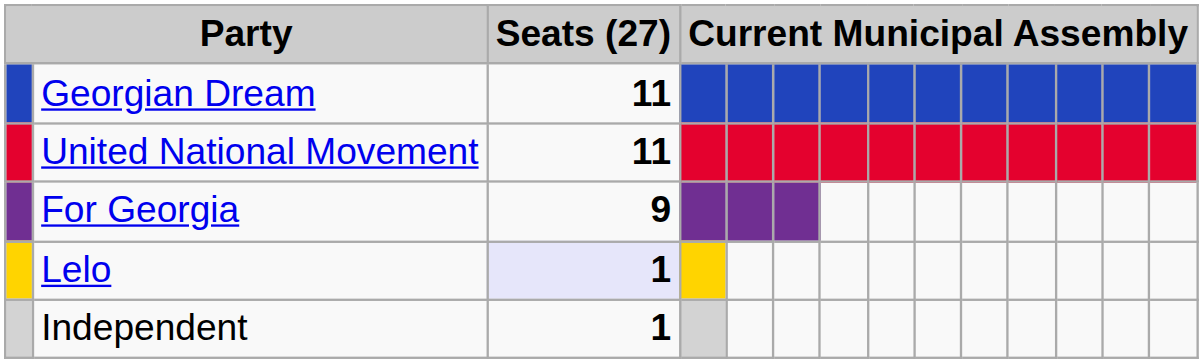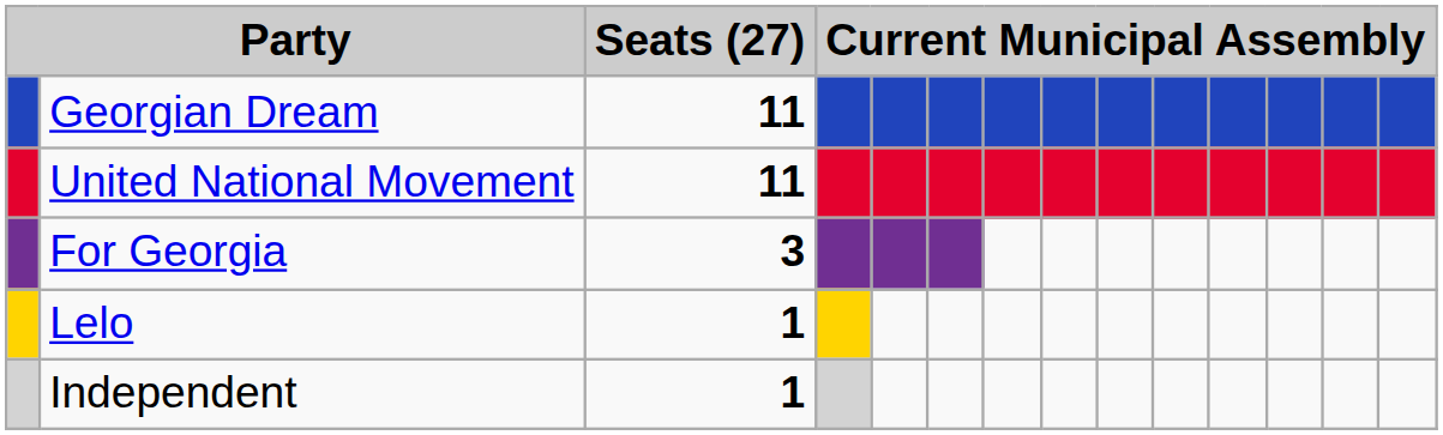 <table class="wikitable">
 <tr>
 <th style="background:#ccc" colspan="2">Party</th>
 <th style="background:#ccc">Seats (27)</th>
 <th style="background:#ccc" colspan="24">Current Municipal Assembly</th>
 </tr>
 <tr>
 <td style="background-color: #2044BC"> </td>
 <td><a href='#'>Georgian Dream</a></td>
 <td style="text-align: right"><strong>11</strong></td>
 <td style="background-color: #2044BC"></td>
 <td style="background-color: #2044BC"> </td>
 <td style="background-color: #2044BC"> </td>
 <td style="background-color: #2044BC"> </td>
 <td style="background-color: #2044BC"> </td>
 <td style="background-color: #2044BC"> </td>
 <td style="background-color: #2044BC"> </td>
 <td style="background-color: #2044BC"> </td>
 <td style="background-color: #2044BC"> </td>
 <td style="background-color: #2044BC"> </td>
 <td style="background-color: #2044BC"> </td>
 </tr>
 <tr>
 <td style="background-color: #e4012e"> </td>
 <td><a href='#'>United National Movement</a></td>
 <td style="text-align: right"><strong>11</strong></td>
 <td style="background-color: #e4012e"> </td>
 <td style="background-color: #e4012e"> </td>
 <td style="background-color: #e4012e"> </td>
 <td style="background-color: #e4012e"> </td>
 <td style="background-color: #e4012e"> </td>
 <td style="background-color: #e4012e"> </td>
 <td style="background-color: #e4012e"> </td>
 <td style="background-color: #e4012e"> </td>
 <td style="background-color: #e4012e"> </td>
 <td style="background-color: #e4012e"> </td>
 <td style="background-color: #e4012e"> </td>
 </tr>
 <tr>
 <td style="background-color: #702F92"> </td>
 <td><a href='#'>For Georgia</a></td>
-<td style="text-align: right"><strong>9</strong></td>
+<td style="text-align: right"><strong>3</strong></td>
 <td style="background-color: #702F92"> </td>
 <td style="background-color: #702F92"> </td>
 <td style="background-color: #702F92"> </td>
 <td></td>
 <td></td>
 <td></td>
 <td></td>
 <td></td>
 <td></td>
 <td></td>
 <td></td>
 </tr>
 <tr>
 <td style="background-color: #FFD400"> </td>
 <td><a href='#'>Lelo</a></td>
-<td style="background: lavender; text-align: right"><strong>1</strong></td>
+<td style="text-align: right"><strong>1</strong></td>
 <td style="background-color: #FFD400"> </td>
 <td></td>
 <td></td>
 <td></td>
 <td></td>
 <td></td>
 <td></td>
 <td></td>
 <td></td>
 <td></td>
 <td></td>
 </tr>
 <tr>
 <td style="background-color: lightgrey"> </td>
 <td>Independent</td>
 <td style="text-align: right"><strong>1</strong></td>
 <td style="background-color: lightgrey"> </td>
 <td></td>
 <td></td>
 <td></td>
 <td></td>
 <td></td>
 <td></td>
 <td></td>
 <td></td>
 <td></td>
 <td></td>
 </tr>
 </table>
